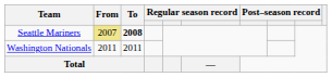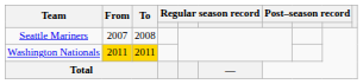 <table class="wikitable" Style="text-align: center;font-size:90%">
 <tr>
 <th rowspan="2">Team</th>
 <th rowspan="2">From</th>
 <th rowspan="2">To</th>
 <th colspan="3">Regular season record</th>
 <th colspan="3">Post–season record</th>
 <th rowspan="2"></th>
 </tr>
 <tr>
 <th></th>
 <th></th>
 <th></th>
 <th></th>
 <th></th>
 <th></th>
 </tr>
 <tr>
 <td><a href='#'>Seattle Mariners</a></td>
-<td style="background: khaki;">2007</td>
-<td><strong>2008</strong></td>
+<td>2007</td>
+<td>2008</td>
 <td></td>
 <td rowspan="2" colspan="3"></td>
 <td></td>
 </tr>
 <tr>
 <td><a href='#'>Washington Nationals</a></td>
-<td>2011</td>
-<td>2011</td>
+<td style="background: gold;">2011</td>
+<td style="background: gold;">2011</td>
 <td></td>
 <td></td>
 </tr>
 <tr>
 <th colspan="3">Total</th>
 <th></th>
 <th></th>
 <th>—</th>
 </tr>
 </table>
